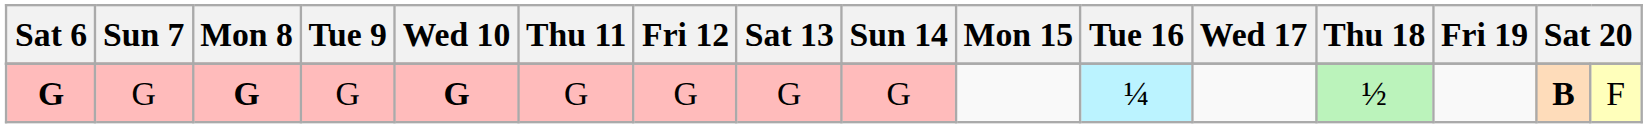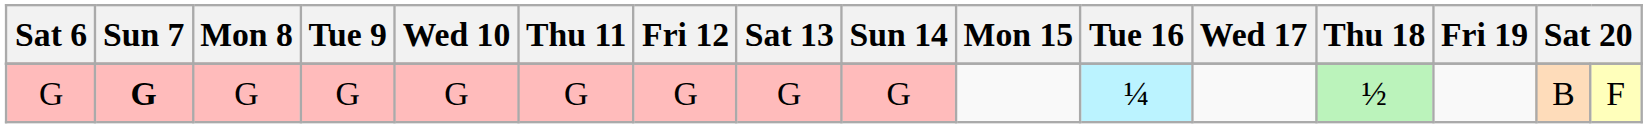 <table class="wikitable" style="margin:0.5em auto; font-size:90%; line-height:1.25em;">
 <tr align="center">
 <th>Sat 6</th>
 <th>Sun 7</th>
 <th>Mon 8</th>
 <th>Tue 9</th>
 <th>Wed 10</th>
 <th>Thu 11</th>
 <th>Fri 12</th>
 <th>Sat 13</th>
 <th>Sun 14</th>
 <th>Mon 15</th>
 <th>Tue 16</th>
 <th>Wed 17</th>
 <th>Thu 18</th>
 <th>Fri 19</th>
 <th colspan="2">Sat 20</th>
 </tr>
 <tr>
 </tr>
 <tr align="center">
-<td bgcolor="#FFBBBB"><strong>G</strong></td>
 <td bgcolor="#FFBBBB">G</td>
 <td bgcolor="#FFBBBB"><strong>G</strong></td>
 <td bgcolor="#FFBBBB">G</td>
-<td bgcolor="#FFBBBB"><strong>G</strong></td>
+<td bgcolor="#FFBBBB">G</td>
+<td bgcolor="#FFBBBB">G</td>
 <td bgcolor="#FFBBBB">G</td>
 <td bgcolor="#FFBBBB">G</td>
 <td bgcolor="#FFBBBB">G</td>
 <td bgcolor="#FFBBBB">G</td>
 <td></td>
 <td bgcolor="#BBF3FF">¼</td>
 <td></td>
 <td bgcolor="#BBF3BB">½</td>
 <td></td>
-<td bgcolor="#FEDCBA"><strong>B</strong></td>
+<td bgcolor="#FEDCBA">B</td>
 <td bgcolor="#FFFFBB">F</td>
 </tr>
 </table>
